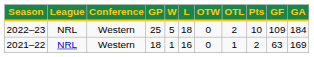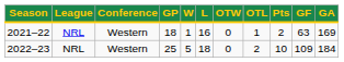 <table class="wikitable">
 <tr style="text-align:center; background:#19874C; border-bottom:#FFCB08 3px solid; color:#FFCB08;">
 <td><strong>Season</strong></td>
 <td><strong>League</strong></td>
 <td><strong>Conference</strong></td>
 <td><strong>GP</strong></td>
 <td><strong>W</strong></td>
 <td><strong>L</strong></td>
 <td><strong>OTW</strong></td>
 <td><strong>OTL</strong></td>
 <td><strong>Pts</strong></td>
 <td><strong>GF</strong></td>
 <td><strong>GA</strong></td>
 </tr>
 <tr style="text-align:center">
+<td>2021–22</td>
+<td><a href='#'>NRL</a></td>
+<td>Western</td>
+<td>18</td>
+<td>1</td>
+<td>16</td>
+<td>0</td>
+<td>1</td>
+<td>2</td>
+<td>63</td>
+<td>169</td>
+</tr>
+<tr style="text-align:center">
 <td>2022–23</td>
 <td>NRL</td>
 <td>Western</td>
 <td>25</td>
 <td>5</td>
 <td>18</td>
 <td>0</td>
 <td>2</td>
 <td>10</td>
 <td>109</td>
 <td>184</td>
 </tr>
-<tr style="text-align:center">
-<td>2021–22</td>
-<td><a href='#'>NRL</a></td>
-<td>Western</td>
-<td>18</td>
-<td>1</td>
-<td>16</td>
-<td>0</td>
-<td>1</td>
-<td>2</td>
-<td>63</td>
-<td>169</td>
-</tr>
 </table>
